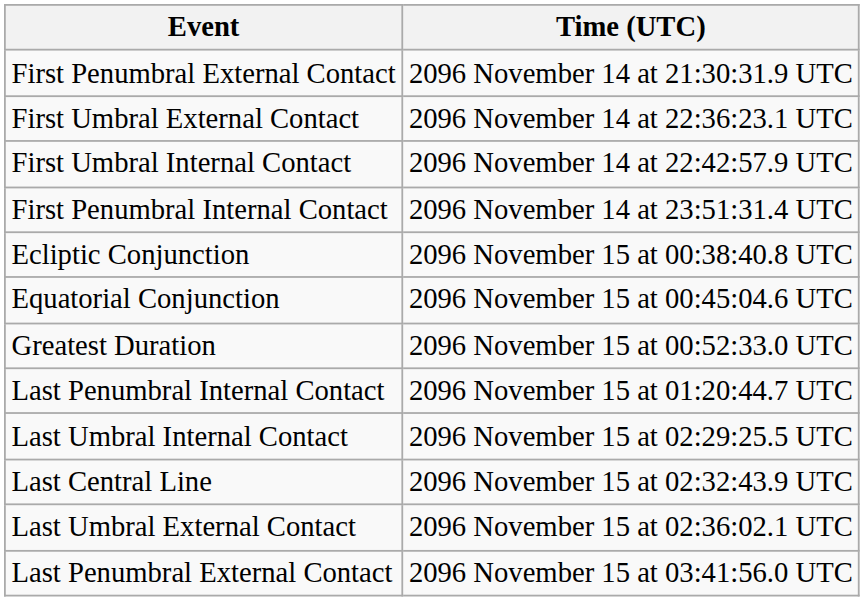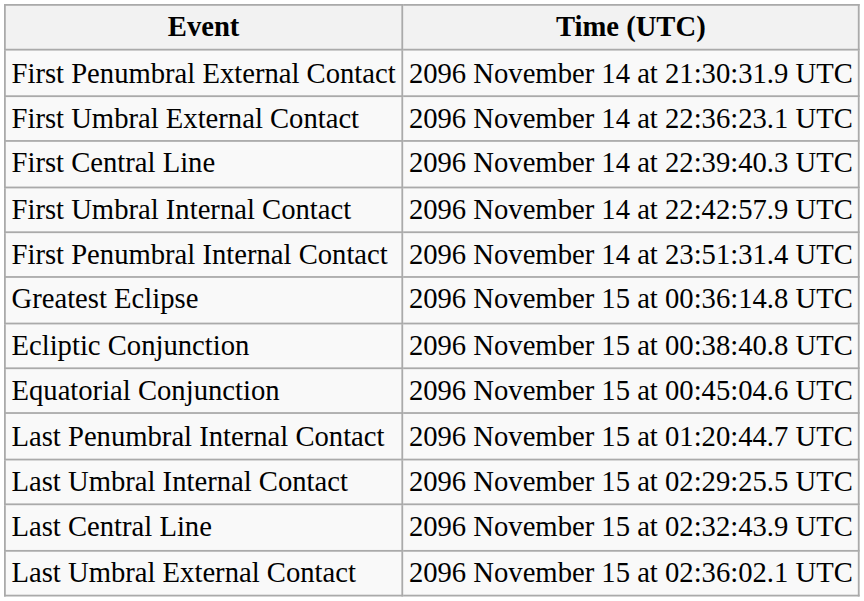 <table class="wikitable">
 <tr>
 <th>Event</th>
 <th>Time (UTC)</th>
 </tr>
 <tr>
 <td>First Penumbral External Contact</td>
 <td>2096 November 14 at 21:30:31.9 UTC</td>
 </tr>
 <tr>
 <td>First Umbral External Contact</td>
 <td>2096 November 14 at 22:36:23.1 UTC</td>
 </tr>
 <tr>
+<td>First Central Line</td>
+<td>2096 November 14 at 22:39:40.3 UTC</td>
+</tr>
+<tr>
 <td>First Umbral Internal Contact</td>
 <td>2096 November 14 at 22:42:57.9 UTC</td>
 </tr>
 <tr>
 <td>First Penumbral Internal Contact</td>
 <td>2096 November 14 at 23:51:31.4 UTC</td>
 </tr>
 <tr>
+<td>Greatest Eclipse</td>
+<td>2096 November 15 at 00:36:14.8 UTC</td>
+</tr>
+<tr>
 <td>Ecliptic Conjunction</td>
 <td>2096 November 15 at 00:38:40.8 UTC</td>
 </tr>
 <tr>
 <td>Equatorial Conjunction</td>
 <td>2096 November 15 at 00:45:04.6 UTC</td>
-</tr>
-<tr>
-<td>Greatest Duration</td>
-<td>2096 November 15 at 00:52:33.0 UTC</td>
 </tr>
 <tr>
 <td>Last Penumbral Internal Contact</td>
 <td>2096 November 15 at 01:20:44.7 UTC</td>
 </tr>
 <tr>
 <td>Last Umbral Internal Contact</td>
 <td>2096 November 15 at 02:29:25.5 UTC</td>
 </tr>
 <tr>
 <td>Last Central Line</td>
 <td>2096 November 15 at 02:32:43.9 UTC</td>
 </tr>
 <tr>
 <td>Last Umbral External Contact</td>
 <td>2096 November 15 at 02:36:02.1 UTC</td>
 </tr>
-<tr>
-<td>Last Penumbral External Contact</td>
-<td>2096 November 15 at 03:41:56.0 UTC</td>
-</tr>
 </table>
